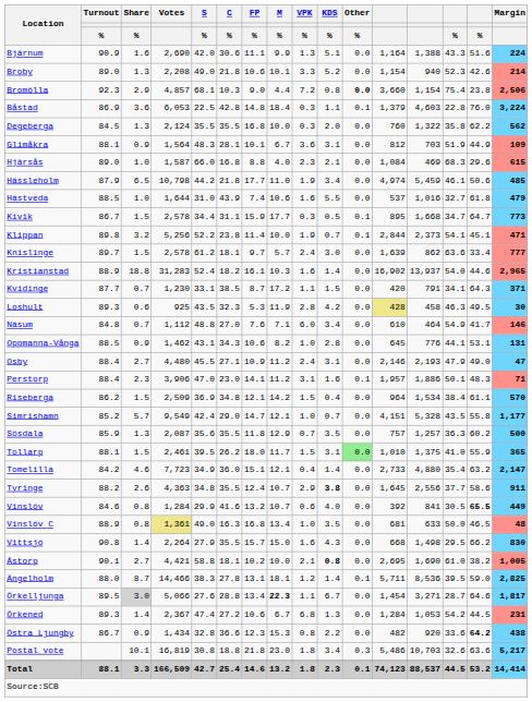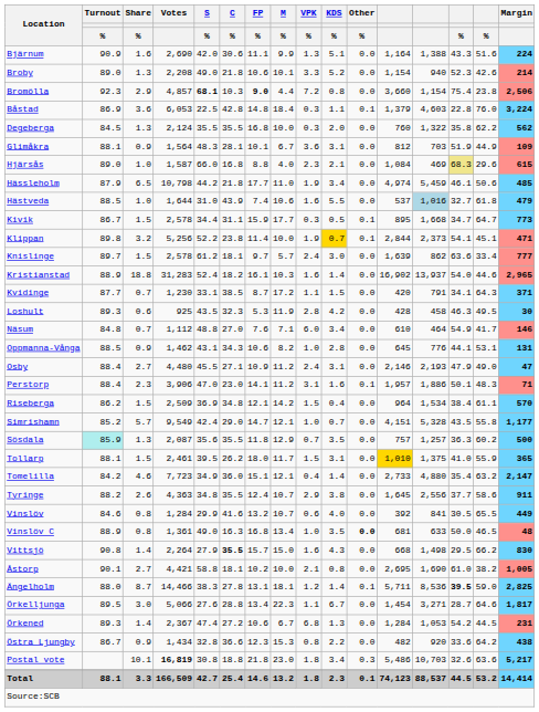 <table class="wikitable sortable" style="text-align:right; font-size:95%; line-height:20px;">
 <tr>
 <th rowspan="3">Location</th>
 <th>Turnout</th>
 <th>Share</th>
 <th>Votes</th>
 <th width="30px" class="unsortable"><a href='#'>S</a></th>
 <th width="30px" class="unsortable"><a href='#'>C</a></th>
 <th width="30px" class="unsortable"><a href='#'>FP</a></th>
 <th width="30px" class="unsortable"><a href='#'>M</a></th>
 <th width="30px" class="unsortable"><a href='#'>VPK</a></th>
 <th width="30px" class="unsortable"><a href='#'>KDS</a></th>
 <th width="30px" class="unsortable">Other</th>
 <th></th>
 <th></th>
 <th></th>
 <th></th>
 <th>Margin</th>
 </tr>
 <tr>
 <th></th>
 <th></th>
 <th></th>
 <th style="background:"></th>
 <th style="background:"></th>
 <th style="background:"></th>
 <th style="background:"></th>
 <th style="background:"></th>
 <th style="background:"></th>
 <th style="background:"></th>
 <th style="background:"></th>
 <th style="background:"></th>
 <th style="background:"></th>
 <th style="background:"></th>
 <th></th>
 </tr>
 <tr>
 <th data-sort-type="number">%</th>
 <th data-sort-type="number">%</th>
 <th></th>
 <th data-sort-type="number">%</th>
 <th data-sort-type="number">%</th>
 <th data-sort-type="number">%</th>
 <th data-sort-type="number">%</th>
 <th data-sort-type="number">%</th>
 <th data-sort-type="number">%</th>
 <th data-sort-type="number">%</th>
 <th data-sort-type="number"></th>
 <th data-sort-type="number"></th>
 <th data-sort-type="number">%</th>
 <th data-sort-type="number">%</th>
 <th data-sort-type="number"></th>
 </tr>
 <tr>
 <td align=left><a href='#'>Bjärnum</a></td>
 <td>90.9</td>
 <td>1.6</td>
 <td>2,690</td>
 <td>42.0</td>
 <td>30.6</td>
 <td>11.1</td>
 <td>9.9</td>
 <td>1.3</td>
 <td>5.1</td>
 <td>0.0</td>
 <td>1,164</td>
 <td>1,388</td>
 <td>43.3</td>
 <td>51.6</td>
 <td bgcolor=#6fd5fe><strong>224</strong></td>
 </tr>
 <tr>
 <td align=left><a href='#'>Broby</a></td>
 <td>89.0</td>
 <td>1.3</td>
 <td>2,208</td>
 <td>49.0</td>
 <td>21.8</td>
 <td>10.6</td>
 <td>10.1</td>
 <td>3.3</td>
 <td>5.2</td>
 <td>0.0</td>
 <td>1,154</td>
 <td>940</td>
 <td>52.3</td>
 <td>42.6</td>
 <td bgcolor=#ff908c><strong>214</strong></td>
 </tr>
 <tr>
 <td align=left><a href='#'>Bromölla</a></td>
 <td>92.3</td>
 <td>2.9</td>
 <td>4,857</td>
-<td>68.1</td>
+<td><strong>68.1</strong></td>
 <td>10.3</td>
-<td>9.0</td>
+<td><strong>9.0</strong></td>
 <td>4.4</td>
 <td>7.2</td>
 <td>0.8</td>
-<td><strong>0.0</strong></td>
+<td>0.0</td>
 <td>3,660</td>
 <td>1,154</td>
 <td>75.4</td>
 <td>23.8</td>
 <td bgcolor=#ff908c><strong>2,506</strong></td>
 </tr>
 <tr>
 <td align=left><a href='#'>Båstad</a></td>
 <td>86.9</td>
 <td>3.6</td>
 <td>6,053</td>
 <td>22.5</td>
 <td>42.8</td>
 <td>14.8</td>
 <td>18.4</td>
 <td>0.3</td>
 <td>1.1</td>
 <td>0.1</td>
 <td>1,379</td>
 <td>4,603</td>
 <td>22.8</td>
 <td>76.0</td>
 <td bgcolor=#6fd5fe><strong>3,224</strong></td>
 </tr>
 <tr>
 <td align=left><a href='#'>Degeberga</a></td>
 <td>84.5</td>
 <td>1.3</td>
 <td>2,124</td>
 <td>35.5</td>
 <td>35.5</td>
 <td>16.8</td>
 <td>10.0</td>
 <td>0.3</td>
 <td>2.0</td>
 <td>0.0</td>
 <td>760</td>
 <td>1,322</td>
 <td>35.8</td>
 <td>62.2</td>
 <td bgcolor=#6fd5fe><strong>562</strong></td>
 </tr>
 <tr>
 <td align=left><a href='#'>Glimåkra</a></td>
 <td>88.1</td>
 <td>0.9</td>
 <td>1,564</td>
 <td>48.3</td>
 <td>28.1</td>
 <td>10.1</td>
 <td>6.7</td>
 <td>3.6</td>
 <td>3.1</td>
 <td>0.0</td>
 <td>812</td>
 <td>703</td>
 <td>51.9</td>
 <td>44.9</td>
 <td bgcolor=#ff908c><strong>109</strong></td>
 </tr>
 <tr>
 <td align=left><a href='#'>Hjärsås</a></td>
 <td>89.0</td>
 <td>1.0</td>
 <td>1,587</td>
 <td>66.0</td>
 <td>16.8</td>
 <td>8.8</td>
 <td>4.0</td>
 <td>2.3</td>
 <td>2.1</td>
 <td>0.0</td>
 <td>1,084</td>
 <td>469</td>
-<td>68.3</td>
+<td style="background: khaki;">68.3</td>
 <td>29.6</td>
 <td bgcolor=#ff908c><strong>615</strong></td>
 </tr>
 <tr>
 <td align=left><a href='#'>Hässleholm</a></td>
 <td>87.9</td>
 <td>6.5</td>
 <td>10,798</td>
 <td>44.2</td>
 <td>21.8</td>
 <td>17.7</td>
 <td>11.0</td>
 <td>1.9</td>
 <td>3.4</td>
 <td>0.0</td>
 <td>4,974</td>
 <td>5,459</td>
 <td>46.1</td>
 <td>50.6</td>
 <td bgcolor=#6fd5fe><strong>485</strong></td>
 </tr>
 <tr>
 <td align=left><a href='#'>Hästveda</a></td>
 <td>88.5</td>
 <td>1.0</td>
 <td>1,644</td>
 <td>31.0</td>
 <td>43.9</td>
 <td>7.4</td>
 <td>10.6</td>
 <td>1.6</td>
 <td>5.5</td>
 <td>0.0</td>
 <td>537</td>
-<td>1,016</td>
+<td style="background: lightblue;">1,016</td>
 <td>32.7</td>
 <td>61.8</td>
 <td bgcolor=#6fd5fe><strong>479</strong></td>
 </tr>
 <tr>
 <td align=left><a href='#'>Kivik</a></td>
 <td>86.7</td>
 <td>1.5</td>
 <td>2,578</td>
 <td>34.4</td>
 <td>31.1</td>
 <td>15.9</td>
 <td>17.7</td>
 <td>0.3</td>
 <td>0.5</td>
 <td>0.1</td>
 <td>895</td>
 <td>1,668</td>
 <td>34.7</td>
 <td>64.7</td>
 <td bgcolor=#6fd5fe><strong>773</strong></td>
 </tr>
 <tr>
 <td align=left><a href='#'>Klippan</a></td>
 <td>89.8</td>
 <td>3.2</td>
 <td>5,256</td>
 <td>52.2</td>
 <td>23.8</td>
 <td>11.4</td>
 <td>10.0</td>
 <td>1.9</td>
-<td>0.7</td>
+<td style="background: gold;">0.7</td>
 <td>0.1</td>
 <td>2,844</td>
 <td>2,373</td>
 <td>54.1</td>
 <td>45.1</td>
 <td bgcolor=#ff908c><strong>471</strong></td>
 </tr>
 <tr>
 <td align=left><a href='#'>Knislinge</a></td>
 <td>89.7</td>
 <td>1.5</td>
 <td>2,578</td>
 <td>61.2</td>
 <td>18.1</td>
 <td>9.7</td>
 <td>5.7</td>
 <td>2.4</td>
 <td>3.0</td>
 <td>0.0</td>
 <td>1,639</td>
 <td>862</td>
 <td>63.6</td>
 <td>33.4</td>
 <td bgcolor=#ff908c><strong>777</strong></td>
 </tr>
 <tr>
 <td align=left><a href='#'>Kristianstad</a></td>
 <td>88.9</td>
 <td>18.8</td>
 <td>31,283</td>
 <td>52.4</td>
 <td>18.2</td>
 <td>16.1</td>
 <td>10.3</td>
 <td>1.6</td>
 <td>1.4</td>
 <td>0.0</td>
 <td>16,902</td>
 <td>13,937</td>
 <td>54.0</td>
 <td>44.6</td>
 <td bgcolor=#ff908c><strong>2,965</strong></td>
 </tr>
 <tr>
 <td align=left><a href='#'>Kvidinge</a></td>
 <td>87.7</td>
 <td>0.7</td>
 <td>1,230</td>
 <td>33.1</td>
 <td>38.5</td>
 <td>8.7</td>
 <td>17.2</td>
 <td>1.1</td>
 <td>1.5</td>
 <td>0.0</td>
 <td>420</td>
 <td>791</td>
 <td>34.1</td>
 <td>64.3</td>
 <td bgcolor=#6fd5fe><strong>371</strong></td>
 </tr>
 <tr>
 <td align=left><a href='#'>Loshult</a></td>
 <td>89.3</td>
 <td>0.6</td>
 <td>925</td>
 <td>43.5</td>
 <td>32.3</td>
 <td>5.3</td>
 <td>11.9</td>
 <td>2.8</td>
 <td>4.2</td>
 <td>0.0</td>
-<td style="background: khaki;">428</td>
+<td>428</td>
 <td>458</td>
 <td>46.3</td>
 <td>49.5</td>
 <td bgcolor=#6fd5fe><strong>30</strong></td>
 </tr>
 <tr>
 <td align=left><a href='#'>Näsum</a></td>
 <td>84.8</td>
 <td>0.7</td>
 <td>1,112</td>
 <td>48.8</td>
 <td>27.0</td>
 <td>7.6</td>
 <td>7.1</td>
 <td>6.0</td>
 <td>3.4</td>
 <td>0.0</td>
 <td>610</td>
 <td>464</td>
 <td>54.9</td>
 <td>41.7</td>
 <td bgcolor=#ff908c><strong>146</strong></td>
 </tr>
 <tr>
 <td align=left><a href='#'>Oppmanna-Vånga</a></td>
 <td>88.5</td>
 <td>0.9</td>
 <td>1,462</td>
 <td>43.1</td>
 <td>34.3</td>
 <td>10.6</td>
 <td>8.2</td>
 <td>1.0</td>
 <td>2.8</td>
 <td>0.0</td>
 <td>645</td>
 <td>776</td>
 <td>44.1</td>
 <td>53.1</td>
 <td bgcolor=#6fd5fe><strong>131</strong></td>
 </tr>
 <tr>
 <td align=left><a href='#'>Osby</a></td>
 <td>88.4</td>
 <td>2.7</td>
 <td>4,480</td>
 <td>45.5</td>
 <td>27.1</td>
 <td>10.9</td>
 <td>11.2</td>
 <td>2.4</td>
 <td>3.1</td>
 <td>0.0</td>
 <td>2,146</td>
 <td>2,193</td>
 <td>47.9</td>
 <td>49.0</td>
 <td bgcolor=#6fd5fe><strong>47</strong></td>
 </tr>
 <tr>
 <td align=left><a href='#'>Perstorp</a></td>
 <td>88.4</td>
 <td>2.3</td>
 <td>3,906</td>
 <td>47.0</td>
 <td>23.0</td>
 <td>14.1</td>
 <td>11.2</td>
 <td>3.1</td>
 <td>1.6</td>
 <td>0.1</td>
 <td>1,957</td>
 <td>1,886</td>
 <td>50.1</td>
 <td>48.3</td>
 <td bgcolor=#ff908c><strong>71</strong></td>
 </tr>
 <tr>
 <td align=left><a href='#'>Riseberga</a></td>
 <td>86.2</td>
 <td>1.5</td>
 <td>2,509</td>
 <td>36.9</td>
 <td>34.8</td>
 <td>12.1</td>
 <td>14.2</td>
 <td>1.5</td>
 <td>0.4</td>
 <td>0.0</td>
 <td>964</td>
 <td>1,534</td>
 <td>38.4</td>
 <td>61.1</td>
 <td bgcolor=#6fd5fe><strong>570</strong></td>
 </tr>
 <tr>
 <td align=left><a href='#'>Simrishamn</a></td>
 <td>85.2</td>
 <td>5.7</td>
 <td>9,549</td>
 <td>42.4</td>
 <td>29.0</td>
 <td>14.7</td>
 <td>12.1</td>
 <td>1.0</td>
 <td>0.7</td>
 <td>0.0</td>
 <td>4,151</td>
 <td>5,328</td>
 <td>43.5</td>
 <td>55.8</td>
 <td bgcolor=#6fd5fe><strong>1,177</strong></td>
 </tr>
 <tr>
 <td align=left><a href='#'>Sösdala</a></td>
-<td>85.9</td>
+<td style="background: paleturquoise;">85.9</td>
 <td>1.3</td>
 <td>2,087</td>
 <td>35.6</td>
 <td>35.5</td>
 <td>11.8</td>
 <td>12.9</td>
 <td>0.7</td>
 <td>3.5</td>
 <td>0.0</td>
 <td>757</td>
 <td>1,257</td>
 <td>36.3</td>
 <td>60.2</td>
 <td bgcolor=#6fd5fe><strong>500</strong></td>
 </tr>
 <tr>
 <td align=left><a href='#'>Tollarp</a></td>
 <td>88.1</td>
 <td>1.5</td>
 <td>2,461</td>
 <td>39.5</td>
 <td>26.2</td>
 <td>18.0</td>
 <td>11.7</td>
 <td>1.5</td>
 <td>3.1</td>
-<td style="background: lightgreen;">0.0</td>
-<td>1,010</td>
+<td>0.0</td>
+<td style="background: gold;">1,010</td>
 <td>1,375</td>
 <td>41.0</td>
 <td>55.9</td>
 <td bgcolor=#6fd5fe><strong>365</strong></td>
 </tr>
 <tr>
 <td align=left><a href='#'>Tomelilla</a></td>
 <td>84.2</td>
 <td>4.6</td>
 <td>7,723</td>
 <td>34.9</td>
 <td>36.0</td>
 <td>15.1</td>
 <td>12.1</td>
 <td>0.4</td>
 <td>1.4</td>
 <td>0.0</td>
 <td>2,733</td>
 <td>4,880</td>
 <td>35.4</td>
 <td>63.2</td>
 <td bgcolor=#6fd5fe><strong>2,147</strong></td>
 </tr>
 <tr>
 <td align=left><a href='#'>Tyringe</a></td>
 <td>88.2</td>
 <td>2.6</td>
 <td>4,363</td>
 <td>34.8</td>
 <td>35.5</td>
 <td>12.4</td>
 <td>10.7</td>
 <td>2.9</td>
-<td><strong>3.8</strong></td>
+<td>3.8</td>
 <td>0.0</td>
 <td>1,645</td>
 <td>2,556</td>
 <td>37.7</td>
 <td>58.6</td>
 <td bgcolor=#6fd5fe><strong>911</strong></td>
 </tr>
 <tr>
 <td align=left><a href='#'>Vinslöv</a></td>
 <td>84.6</td>
 <td>0.8</td>
 <td>1,284</td>
 <td>29.9</td>
 <td>41.6</td>
 <td>13.2</td>
 <td>10.7</td>
 <td>0.6</td>
 <td>4.0</td>
 <td>0.0</td>
 <td>392</td>
 <td>841</td>
 <td>30.5</td>
-<td><strong>65.5</strong></td>
+<td>65.5</td>
 <td bgcolor=#6fd5fe><strong>449</strong></td>
 </tr>
 <tr>
 <td align=left><a href='#'>Vinslöv C</a></td>
 <td>88.9</td>
 <td>0.8</td>
-<td style="background: khaki;">1,361</td>
+<td>1,361</td>
 <td>49.0</td>
 <td>16.3</td>
 <td>16.8</td>
 <td>13.4</td>
 <td>1.0</td>
 <td>3.5</td>
-<td>0.0</td>
+<td><strong>0.0</strong></td>
 <td>681</td>
 <td>633</td>
 <td>50.0</td>
 <td>46.5</td>
 <td bgcolor=#ff908c><strong>48</strong></td>
 </tr>
 <tr>
 <td align=left><a href='#'>Vittsjö</a></td>
 <td>90.8</td>
 <td>1.4</td>
 <td>2,264</td>
 <td>27.9</td>
-<td>35.5</td>
+<td><strong>35.5</strong></td>
 <td>15.7</td>
 <td>15.0</td>
 <td>1.6</td>
 <td>4.3</td>
 <td>0.0</td>
 <td>668</td>
 <td>1,498</td>
 <td>29.5</td>
 <td>66.2</td>
 <td bgcolor=#6fd5fe><strong>830</strong></td>
 </tr>
 <tr>
 <td align=left><a href='#'>Åstorp</a></td>
 <td>90.1</td>
 <td>2.7</td>
 <td>4,421</td>
 <td>58.8</td>
 <td>18.1</td>
 <td>10.2</td>
 <td>10.0</td>
 <td>2.1</td>
-<td><strong>0.8</strong></td>
+<td>0.8</td>
 <td>0.0</td>
 <td>2,695</td>
 <td>1,690</td>
 <td>61.0</td>
 <td>38.2</td>
 <td bgcolor=#ff908c><strong>1,005</strong></td>
 </tr>
 <tr>
 <td align=left><a href='#'>Ängelholm</a></td>
 <td>88.0</td>
 <td>8.7</td>
 <td>14,466</td>
 <td>38.3</td>
 <td>27.8</td>
 <td>13.1</td>
 <td>18.1</td>
 <td>1.2</td>
 <td>1.4</td>
 <td>0.1</td>
 <td>5,711</td>
 <td>8,536</td>
-<td>39.5</td>
+<td><strong>39.5</strong></td>
 <td>59.0</td>
 <td bgcolor=#6fd5fe><strong>2,825</strong></td>
 </tr>
 <tr>
 <td align=left><a href='#'>Örkelljunga</a></td>
 <td>89.5</td>
-<td style="background: lightgrey;">3.0</td>
+<td>3.0</td>
 <td>5,066</td>
 <td>27.6</td>
 <td>28.8</td>
 <td>13.4</td>
-<td><strong>22.3</strong></td>
+<td>22.3</td>
 <td>1.1</td>
 <td>6.7</td>
 <td>0.0</td>
 <td>1,454</td>
 <td>3,271</td>
 <td>28.7</td>
 <td>64.6</td>
 <td bgcolor=#6fd5fe><strong>1,817</strong></td>
 </tr>
 <tr>
 <td align=left><a href='#'>Örkened</a></td>
 <td>89.3</td>
 <td>1.4</td>
 <td>2,367</td>
 <td>47.4</td>
 <td>27.2</td>
 <td>10.6</td>
 <td>6.7</td>
 <td>6.8</td>
 <td>1.3</td>
 <td>0.0</td>
 <td>1,284</td>
 <td>1,053</td>
 <td>54.2</td>
 <td>44.5</td>
 <td bgcolor=#ff908c><strong>231</strong></td>
 </tr>
 <tr>
 <td align=left><a href='#'>Östra Ljungby</a></td>
 <td>86.7</td>
 <td>0.9</td>
 <td>1,434</td>
 <td>32.8</td>
 <td>36.6</td>
 <td>12.3</td>
 <td>15.3</td>
 <td>0.8</td>
 <td>2.2</td>
 <td>0.0</td>
 <td>482</td>
 <td>920</td>
 <td>33.6</td>
-<td><strong>64.2</strong></td>
+<td>64.2</td>
 <td bgcolor=#6fd5fe><strong>438</strong></td>
 </tr>
 <tr>
 <td align=left><a href='#'>Postal vote</a></td>
 <td></td>
 <td>10.1</td>
-<td>16,819</td>
+<td><strong>16,819</strong></td>
 <td>30.8</td>
 <td>18.8</td>
 <td>21.8</td>
 <td>23.0</td>
 <td>1.8</td>
 <td>3.4</td>
 <td>0.3</td>
 <td>5,486</td>
 <td>10,703</td>
 <td>32.6</td>
 <td>63.6</td>
 <td bgcolor=#6fd5fe><strong>5,217</strong></td>
 </tr>
 <tr>
 </tr>
 <tr style="background:#CDCDCD;">
 <td align=left><strong>Total</strong></td>
 <td><strong>88.1</strong></td>
 <td><strong>3.3</strong></td>
 <td><strong>166,509</strong></td>
 <td><strong>42.7</strong></td>
 <td><strong>25.4</strong></td>
 <td><strong>14.6</strong></td>
 <td><strong>13.2</strong></td>
 <td><strong>1.8</strong></td>
 <td><strong>2.3</strong></td>
 <td><strong>0.1</strong></td>
 <td><strong>74,123</strong></td>
 <td><strong>88,537</strong></td>
 <td><strong>44.5</strong></td>
 <td><strong>53.2</strong></td>
 <td bgcolor=#6fd5fe><strong>14,414</strong></td>
 </tr>
 <tr>
 <td align=left colspan=16>Source:SCB </td>
 </tr>
 </table>
